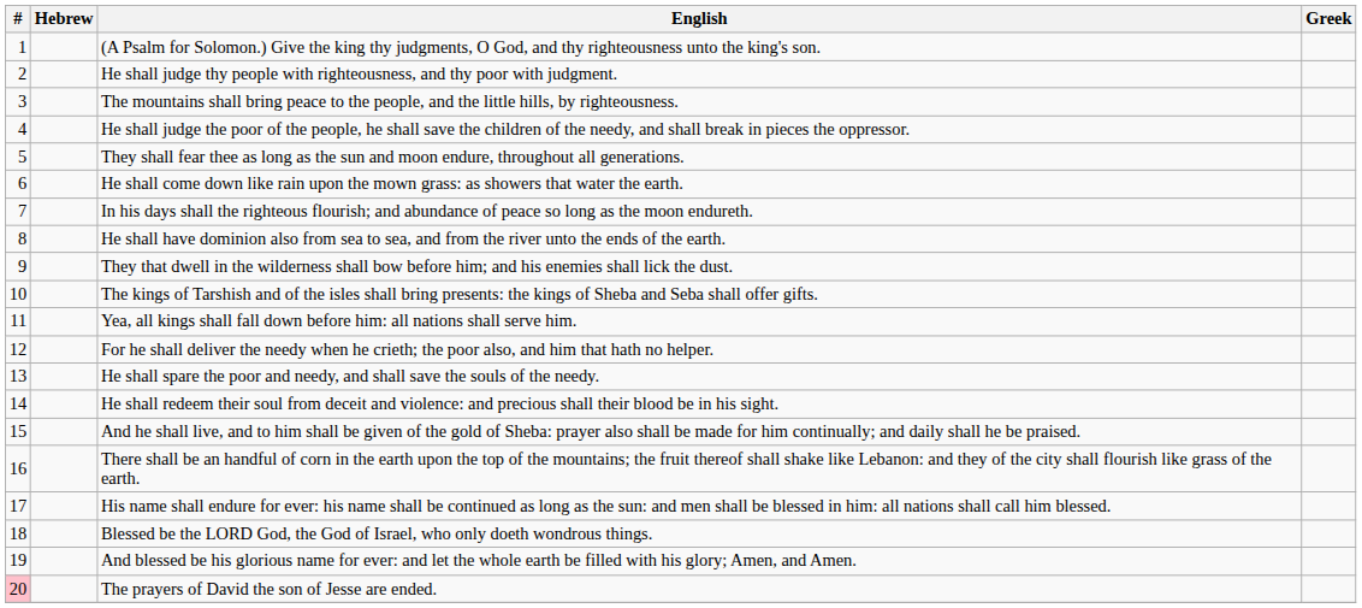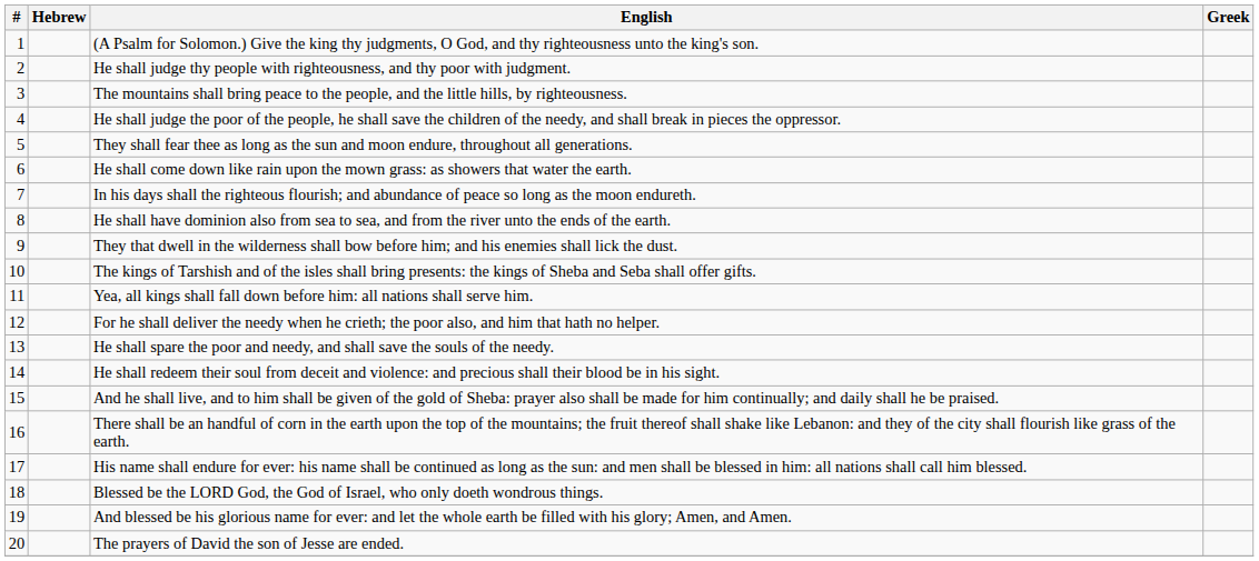 <table class=wikitable>
 <tr>
 <th>#</th>
 <th>Hebrew</th>
 <th>English</th>
 <th>Greek</th>
 </tr>
 <tr>
 <td style="text-align:right">1</td>
 <td style="text-align:right"></td>
 <td>(A Psalm for Solomon.) Give the king thy judgments, O God, and thy righteousness unto the king's son.</td>
 <td></td>
 </tr>
 <tr>
 <td style="text-align:right">2</td>
 <td style="text-align:right"></td>
 <td>He shall judge thy people with righteousness, and thy poor with judgment.</td>
 <td></td>
 </tr>
 <tr>
 <td style="text-align:right">3</td>
 <td style="text-align:right"></td>
 <td>The mountains shall bring peace to the people, and the little hills, by righteousness.</td>
 <td></td>
 </tr>
 <tr>
 <td style="text-align:right">4</td>
 <td style="text-align:right"></td>
 <td>He shall judge the poor of the people, he shall save the children of the needy, and shall break in pieces the oppressor.</td>
 <td></td>
 </tr>
 <tr>
 <td style="text-align:right">5</td>
 <td style="text-align:right"></td>
 <td>They shall fear thee as long as the sun and moon endure, throughout all generations.</td>
 <td></td>
 </tr>
 <tr>
 <td style="text-align:right">6</td>
 <td style="text-align:right"></td>
 <td>He shall come down like rain upon the mown grass: as showers that water the earth.</td>
 <td></td>
 </tr>
 <tr>
 <td style="text-align:right">7</td>
 <td style="text-align:right"></td>
 <td>In his days shall the righteous flourish; and abundance of peace so long as the moon endureth.</td>
 <td></td>
 </tr>
 <tr>
 <td style="text-align:right">8</td>
 <td style="text-align:right"></td>
 <td>He shall have dominion also from sea to sea, and from the river unto the ends of the earth.</td>
 <td></td>
 </tr>
 <tr>
 <td style="text-align:right">9</td>
 <td style="text-align:right"></td>
 <td>They that dwell in the wilderness shall bow before him; and his enemies shall lick the dust.</td>
 <td></td>
 </tr>
 <tr>
 <td style="text-align:right">10</td>
 <td style="text-align:right"></td>
 <td>The kings of Tarshish and of the isles shall bring presents: the kings of Sheba and Seba shall offer gifts.</td>
 <td></td>
 </tr>
 <tr>
 <td style="text-align:right">11</td>
 <td style="text-align:right"></td>
 <td>Yea, all kings shall fall down before him: all nations shall serve him.</td>
 <td></td>
 </tr>
 <tr>
 <td style="text-align:right">12</td>
 <td style="text-align:right"></td>
 <td>For he shall deliver the needy when he crieth; the poor also, and him that hath no helper.</td>
 <td></td>
 </tr>
 <tr>
 <td style="text-align:right">13</td>
 <td style="text-align:right"></td>
 <td>He shall spare the poor and needy, and shall save the souls of the needy.</td>
 <td></td>
 </tr>
 <tr>
 <td style="text-align:right">14</td>
 <td style="text-align:right"></td>
 <td>He shall redeem their soul from deceit and violence: and precious shall their blood be in his sight.</td>
 <td></td>
 </tr>
 <tr>
 <td style="text-align:right">15</td>
 <td style="text-align:right"></td>
 <td>And he shall live, and to him shall be given of the gold of Sheba: prayer also shall be made for him continually; and daily shall he be praised.</td>
 <td></td>
 </tr>
 <tr>
 <td style="text-align:right">16</td>
 <td style="text-align:right"></td>
 <td>There shall be an handful of corn in the earth upon the top of the mountains; the fruit thereof shall shake like Lebanon: and they of the city shall flourish like grass of the earth.</td>
 <td></td>
 </tr>
 <tr>
 <td style="text-align:right">17</td>
 <td style="text-align:right"></td>
 <td>His name shall endure for ever: his name shall be continued as long as the sun: and men shall be blessed in him: all nations shall call him blessed.</td>
 <td></td>
 </tr>
 <tr>
 <td style="text-align:right">18</td>
 <td style="text-align:right"></td>
 <td>Blessed be the LORD God, the God of Israel, who only doeth wondrous things.</td>
 <td></td>
 </tr>
 <tr>
 <td style="text-align:right">19</td>
 <td style="text-align:right"></td>
 <td>And blessed be his glorious name for ever: and let the whole earth be filled with his glory; Amen, and Amen.</td>
 <td></td>
 </tr>
 <tr>
-<td style="background: pink; text-align:right">20</td>
+<td style="text-align:right">20</td>
 <td style="text-align:right"></td>
 <td>The prayers of David the son of Jesse are ended.</td>
 <td></td>
 </tr>
 <tr>
 </tr>
 </table>
